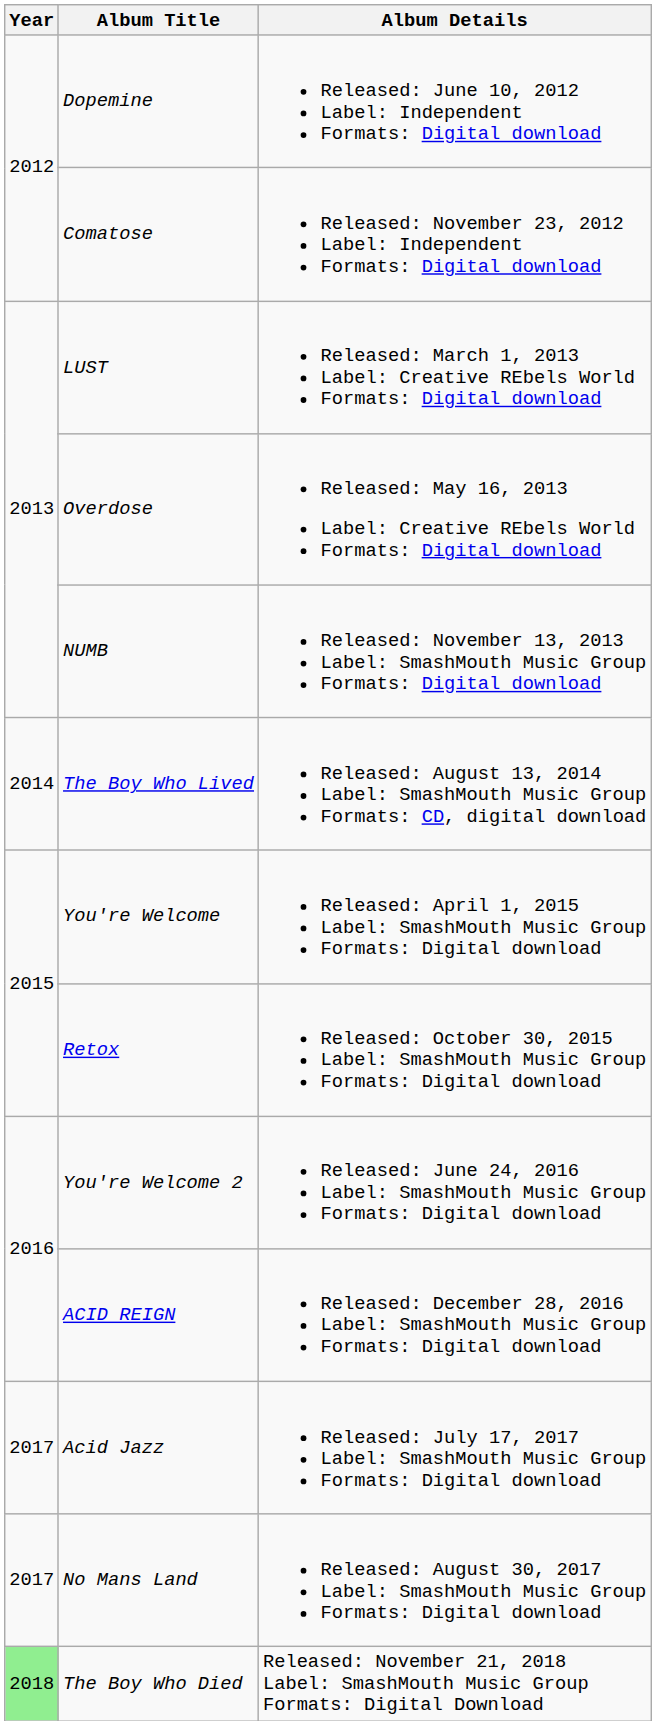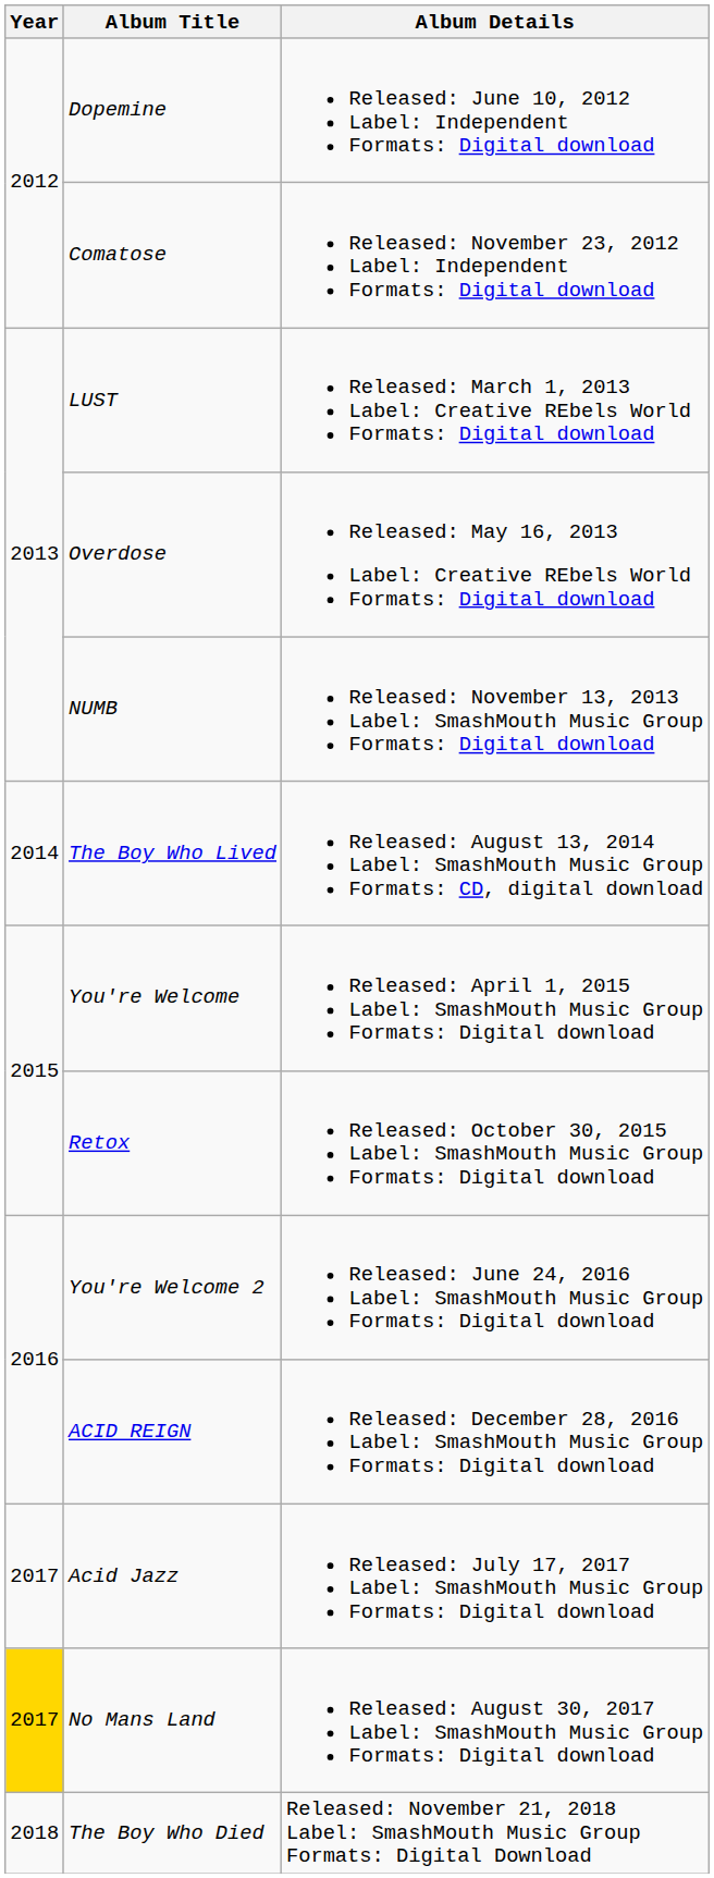 <table class="wikitable">
 <tr>
 <th>Year</th>
 <th>Album Title</th>
 <th>Album Details</th>
 </tr>
 <tr>
 <td rowspan="2">2012</td>
 <td><em>Dopemine</em></td>
 <td><br><ul><li>Released: June 10, 2012</li><li>Label: Independent</li><li>Formats: <a href='#'>Digital download</a></li></ul></td>
 </tr>
 <tr>
 <td><em>Comatose</em></td>
 <td><br><ul><li>Released: November 23, 2012</li><li>Label: Independent</li><li>Formats: <a href='#'>Digital download</a></li></ul></td>
 </tr>
 <tr>
 <td rowspan="3">2013</td>
 <td><em>LUST</em></td>
 <td><br><ul><li>Released: March 1, 2013</li><li>Label: Creative REbels World</li><li>Formats: <a href='#'>Digital download</a></li></ul></td>
 </tr>
 <tr>
 <td><em>Overdose</em></td>
 <td><br><ul><li>Released: May 16, 2013</li></ul><ul><li>Label: Creative REbels World</li><li>Formats: <a href='#'>Digital download</a></li></ul></td>
 </tr>
 <tr>
 <td><em>NUMB</em></td>
 <td><br><ul><li>Released: November 13, 2013</li><li>Label: SmashMouth Music Group</li><li>Formats: <a href='#'>Digital download</a></li></ul></td>
 </tr>
 <tr>
 <td>2014</td>
 <td><em><a href='#'>The Boy Who Lived</a></em></td>
 <td><br><ul><li>Released: August 13, 2014</li><li>Label: SmashMouth Music Group</li><li>Formats: <a href='#'>CD</a>, digital download</li></ul></td>
 </tr>
 <tr>
 <td rowspan="2">2015</td>
 <td><em>You're Welcome</em></td>
 <td><br><ul><li>Released: April 1, 2015</li><li>Label: SmashMouth Music Group</li><li>Formats: Digital download</li></ul></td>
 </tr>
 <tr>
 <td><em><a href='#'>Retox</a></em></td>
 <td><br><ul><li>Released: October 30, 2015</li><li>Label: SmashMouth Music Group</li><li>Formats: Digital download</li></ul></td>
 </tr>
 <tr>
 <td rowspan="2">2016</td>
 <td><em>You're Welcome 2</em></td>
 <td><br><ul><li>Released: June 24, 2016</li><li>Label: SmashMouth Music Group</li><li>Formats: Digital download</li></ul></td>
 </tr>
 <tr>
 <td><em><a href='#'>ACID REIGN</a></em></td>
 <td><br><ul><li>Released: December 28, 2016</li><li>Label: SmashMouth Music Group</li><li>Formats: Digital download</li></ul></td>
 </tr>
 <tr>
 <td>2017</td>
 <td><em>Acid Jazz</em></td>
 <td><br><ul><li>Released: July 17, 2017</li><li>Label: SmashMouth Music Group</li><li>Formats: Digital download</li></ul></td>
 </tr>
 <tr>
-<td>2017</td>
+<td style="background: gold;">2017</td>
 <td><em>No Mans Land</em></td>
 <td><br><ul><li>Released: August 30, 2017</li><li>Label: SmashMouth Music Group</li><li>Formats: Digital download</li></ul></td>
 </tr>
 <tr>
-<td style="background: lightgreen;">2018</td>
+<td>2018</td>
 <td><em>The Boy Who Died</em></td>
 <td>Released: November 21, 2018<br>Label: SmashMouth Music Group<br>Formats: Digital Download</td>
 </tr>
 </table>
